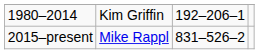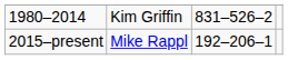 <table class="wikitable">
 <tr style="text-align:center;">
 </tr>
 <tr>
 <td>1980–2014</td>
 <td>Kim Griffin</td>
-<td>192–206–1</td>
+<td>831–526–2</td>
 <td></td>
 </tr>
 <tr>
 <td>2015–present</td>
 <td><a href='#'>Mike Rappl</a></td>
-<td>831–526–2</td>
+<td>192–206–1</td>
 <td></td>
 </tr>
 </table>
